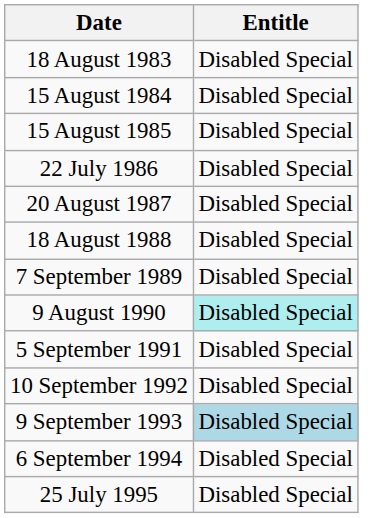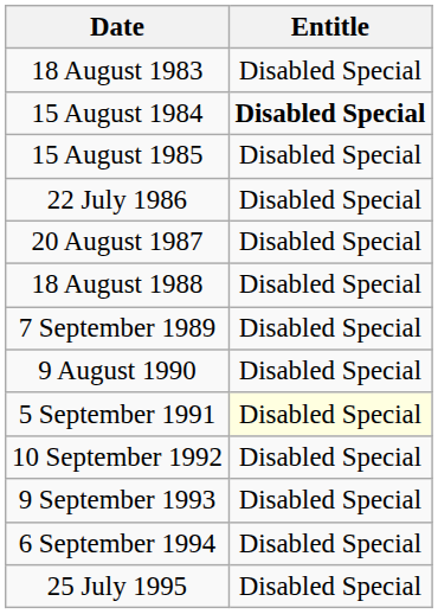 <table class="wikitable" style="text-align:center;">
 <tr>
 <th>Date</th>
 <th>Entitle</th>
 </tr>
 <tr>
 <td>18 August 1983</td>
 <td>Disabled Special</td>
 </tr>
 <tr>
 <td>15 August 1984</td>
-<td>Disabled Special</td>
+<td><strong>Disabled Special</strong></td>
 </tr>
 <tr>
 <td>15 August 1985</td>
 <td>Disabled Special</td>
 </tr>
 <tr>
 <td>22 July 1986</td>
 <td>Disabled Special</td>
 </tr>
 <tr>
 <td>20 August 1987</td>
 <td>Disabled Special</td>
 </tr>
 <tr>
 <td>18 August 1988</td>
 <td>Disabled Special</td>
 </tr>
 <tr>
 <td>7 September 1989</td>
 <td>Disabled Special</td>
 </tr>
 <tr>
 <td>9 August 1990</td>
-<td style="background: paleturquoise;">Disabled Special</td>
+<td>Disabled Special</td>
 </tr>
 <tr>
 <td>5 September 1991</td>
-<td>Disabled Special</td>
+<td style="background: lightyellow;">Disabled Special</td>
 </tr>
 <tr>
 <td>10 September 1992</td>
 <td>Disabled Special</td>
 </tr>
 <tr>
 <td>9 September 1993</td>
-<td style="background: lightblue;">Disabled Special</td>
+<td>Disabled Special</td>
 </tr>
 <tr>
 <td>6 September 1994</td>
 <td>Disabled Special</td>
 </tr>
 <tr>
 <td>25 July 1995</td>
 <td>Disabled Special</td>
 </tr>
 </table>
